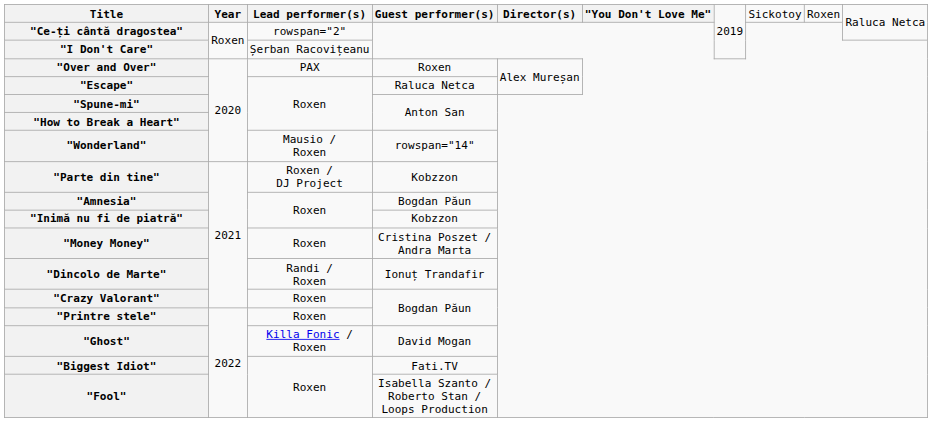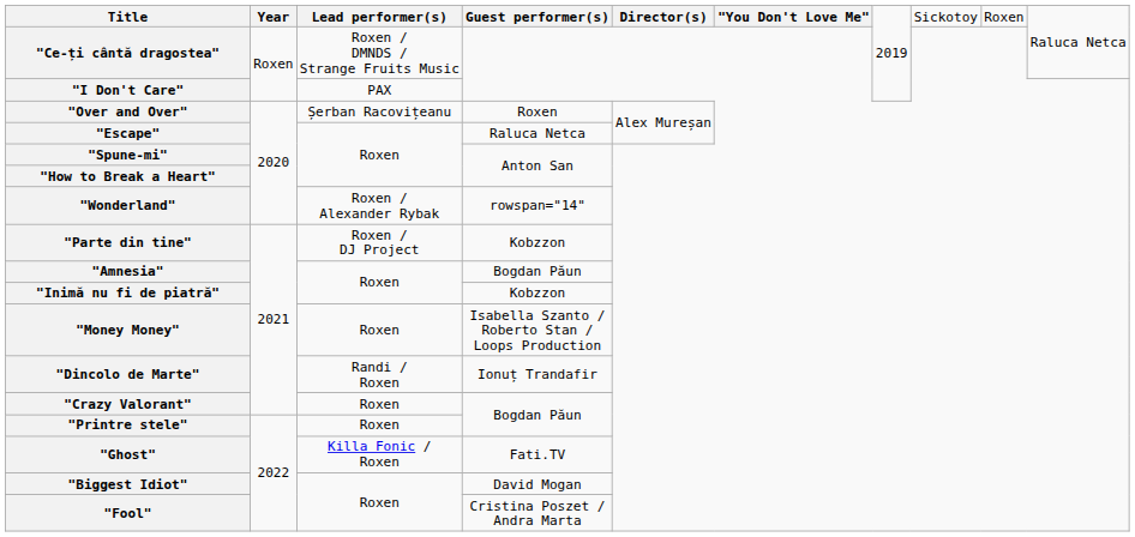 <table class="wikitable plainrowheaders" style="text-align:center;" border="1">
 <tr>
 <th scope="col" style="width:18em;">Title</th>
 <th scope="col" style="width:1em;">Year</th>
 <th scope="col">Lead performer(s)</th>
 <th scope="col">Guest performer(s)</th>
 <th scope="col">Director(s)</th>
 <th scope="row">"You Don't Love Me"</th>
 <td rowspan="3">2019</td>
 <td>Sickotoy</td>
 <td>Roxen</td>
 <td rowspan="2">Raluca Netca</td>
 </tr>
 <tr>
 <th scope="row">"Ce-ți cântă dragostea"</th>
 <td rowspan="2">Roxen</td>
-<td>rowspan="2" </td>
+<td>Roxen /<br>DMNDS /<br>Strange Fruits Music</td>
 </tr>
 <tr>
 <th scope="row">"I Don't Care"</th>
-<td>Șerban Racovițeanu</td>
+<td>PAX</td>
 </tr>
 <tr>
 <th scope="row">"Over and Over"</th>
 <td rowspan="5">2020</td>
-<td>PAX</td>
+<td>Șerban Racovițeanu</td>
 <td>Roxen</td>
 <td rowspan="2">Alex Mureșan</td>
 </tr>
 <tr>
 <th scope="row">"Escape"</th>
 <td rowspan="3">Roxen</td>
 <td>Raluca Netca</td>
 </tr>
 <tr>
 <th scope="row">"Spune-mi"</th>
 <td rowspan="2">Anton San</td>
 </tr>
 <tr>
 <th scope="row">"How to Break a Heart"</th>
 </tr>
 <tr>
 <th scope="row">"Wonderland"</th>
-<td>Mausio /<br>Roxen</td>
+<td>Roxen /<br>Alexander Rybak</td>
 <td>rowspan="14" </td>
 </tr>
 <tr>
 <th scope="row">"Parte din tine"</th>
 <td rowspan="6">2021</td>
 <td>Roxen /<br>DJ Project</td>
 <td>Kobzzon</td>
 </tr>
 <tr>
 <th scope="row">"Amnesia"</th>
 <td rowspan="2">Roxen</td>
 <td>Bogdan Păun</td>
 </tr>
 <tr>
 <th scope="row">"Inimă nu fi de piatră"</th>
 <td>Kobzzon</td>
 </tr>
 <tr>
 <th scope="row">"Money Money"</th>
 <td>Roxen</td>
-<td>Cristina Poszet /<br>Andra Marta</td>
+<td>Isabella Szanto /<br>Roberto Stan /<br>Loops Production</td>
 </tr>
 <tr>
 <th scope="row">"Dincolo de Marte"</th>
 <td>Randi /<br>Roxen</td>
 <td>Ionuț Trandafir</td>
 </tr>
 <tr>
 <th scope="row">"Crazy Valorant"</th>
 <td>Roxen</td>
 <td rowspan="2">Bogdan Păun</td>
 </tr>
 <tr>
 <th scope="row">"Printre stele"</th>
 <td rowspan="4">2022</td>
 <td>Roxen</td>
 </tr>
 <tr>
 <th scope="row">"Ghost"</th>
 <td><a href='#'>Killa Fonic</a> /<br>Roxen</td>
-<td>David Mogan</td>
+<td>Fati.TV</td>
 </tr>
 <tr>
 <th scope="row">"Biggest Idiot"</th>
 <td rowspan="2">Roxen</td>
-<td>Fati.TV</td>
+<td>David Mogan</td>
 </tr>
 <tr>
 <th scope="row">"Fool"</th>
-<td>Isabella Szanto /<br>Roberto Stan /<br>Loops Production</td>
+<td>Cristina Poszet /<br>Andra Marta</td>
 </tr>
 </table>
